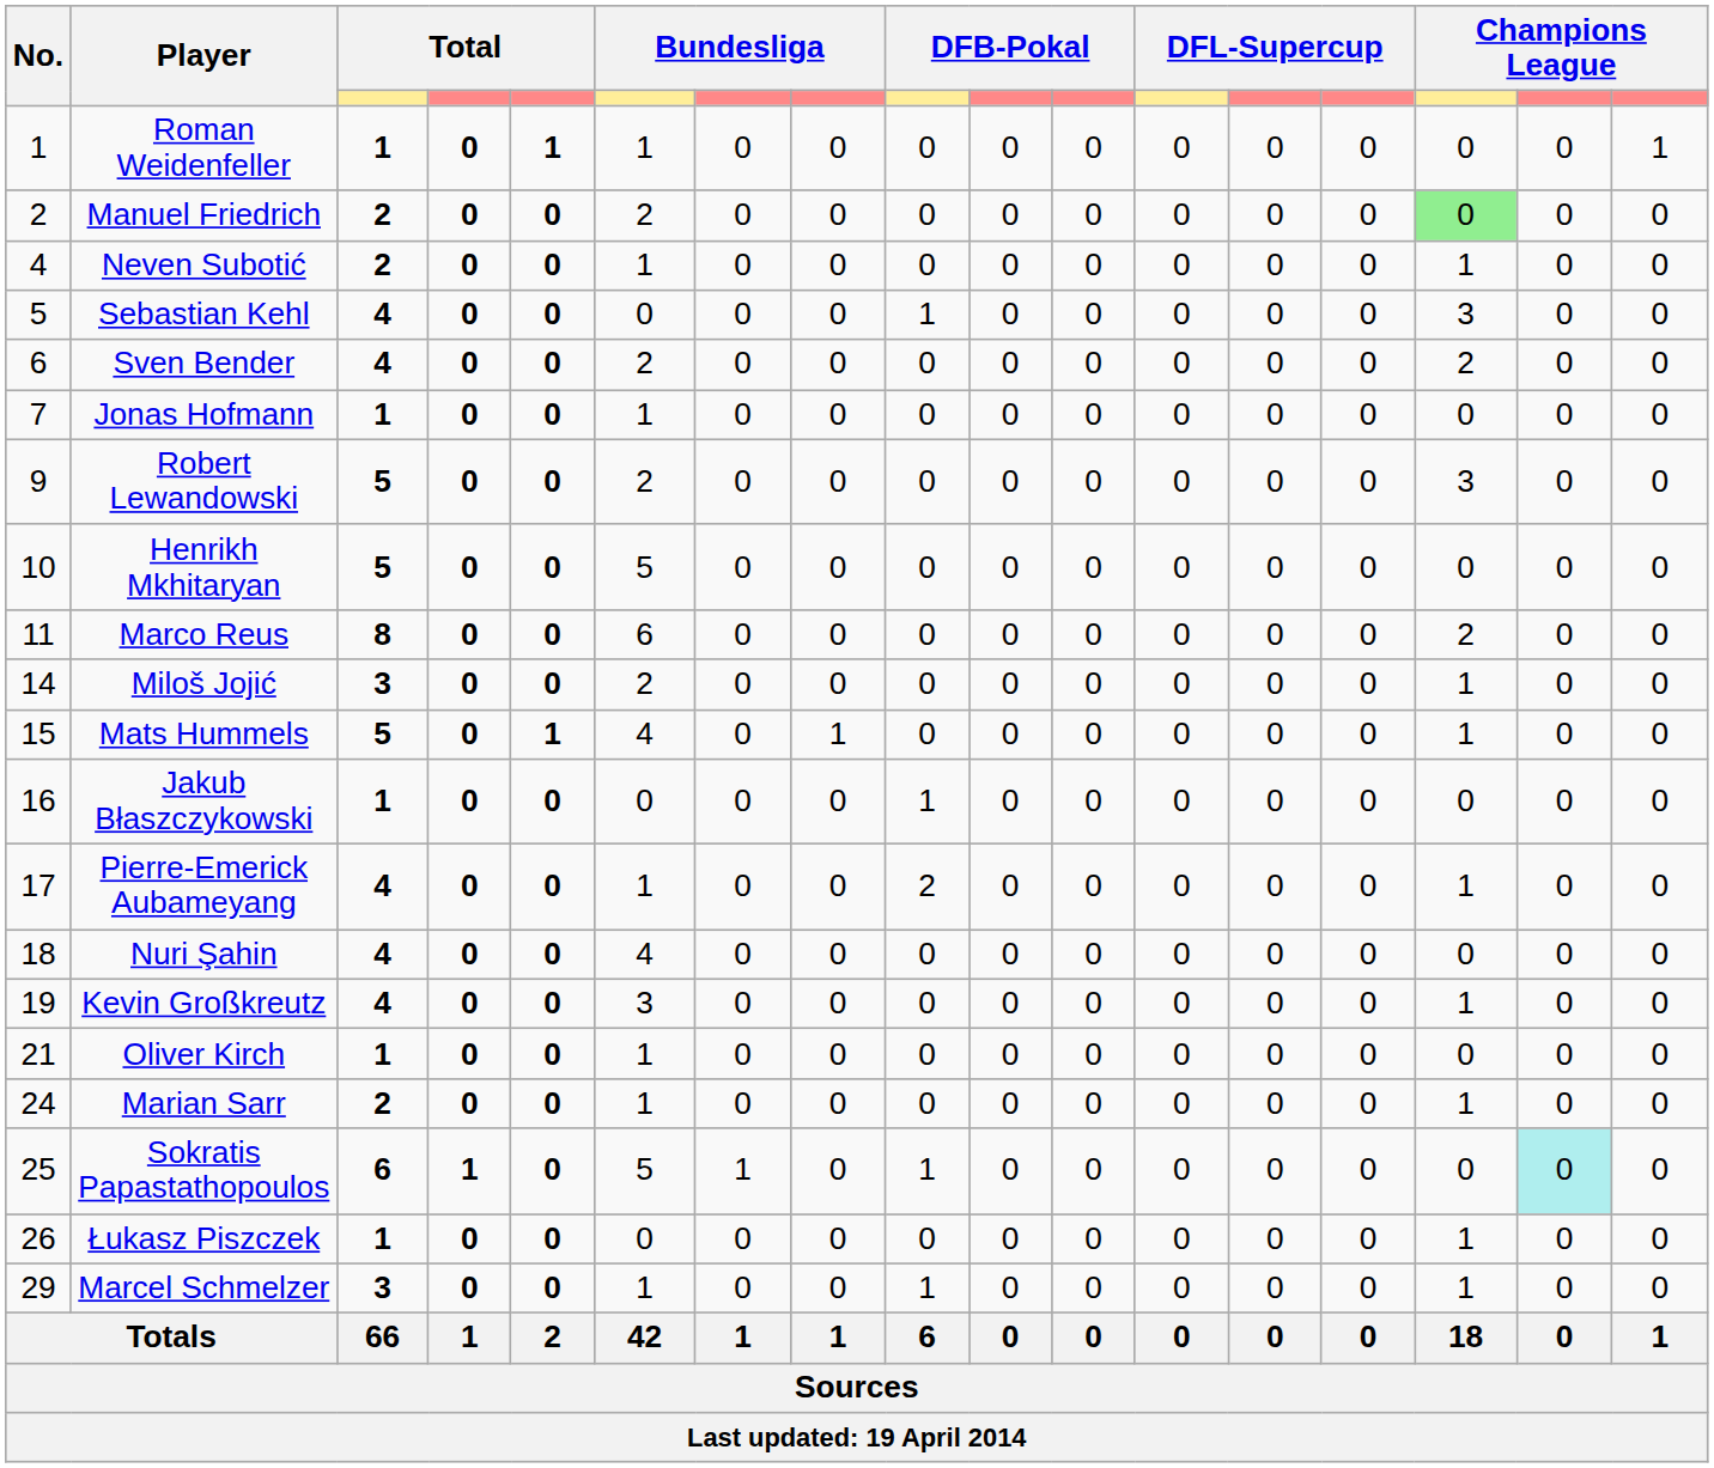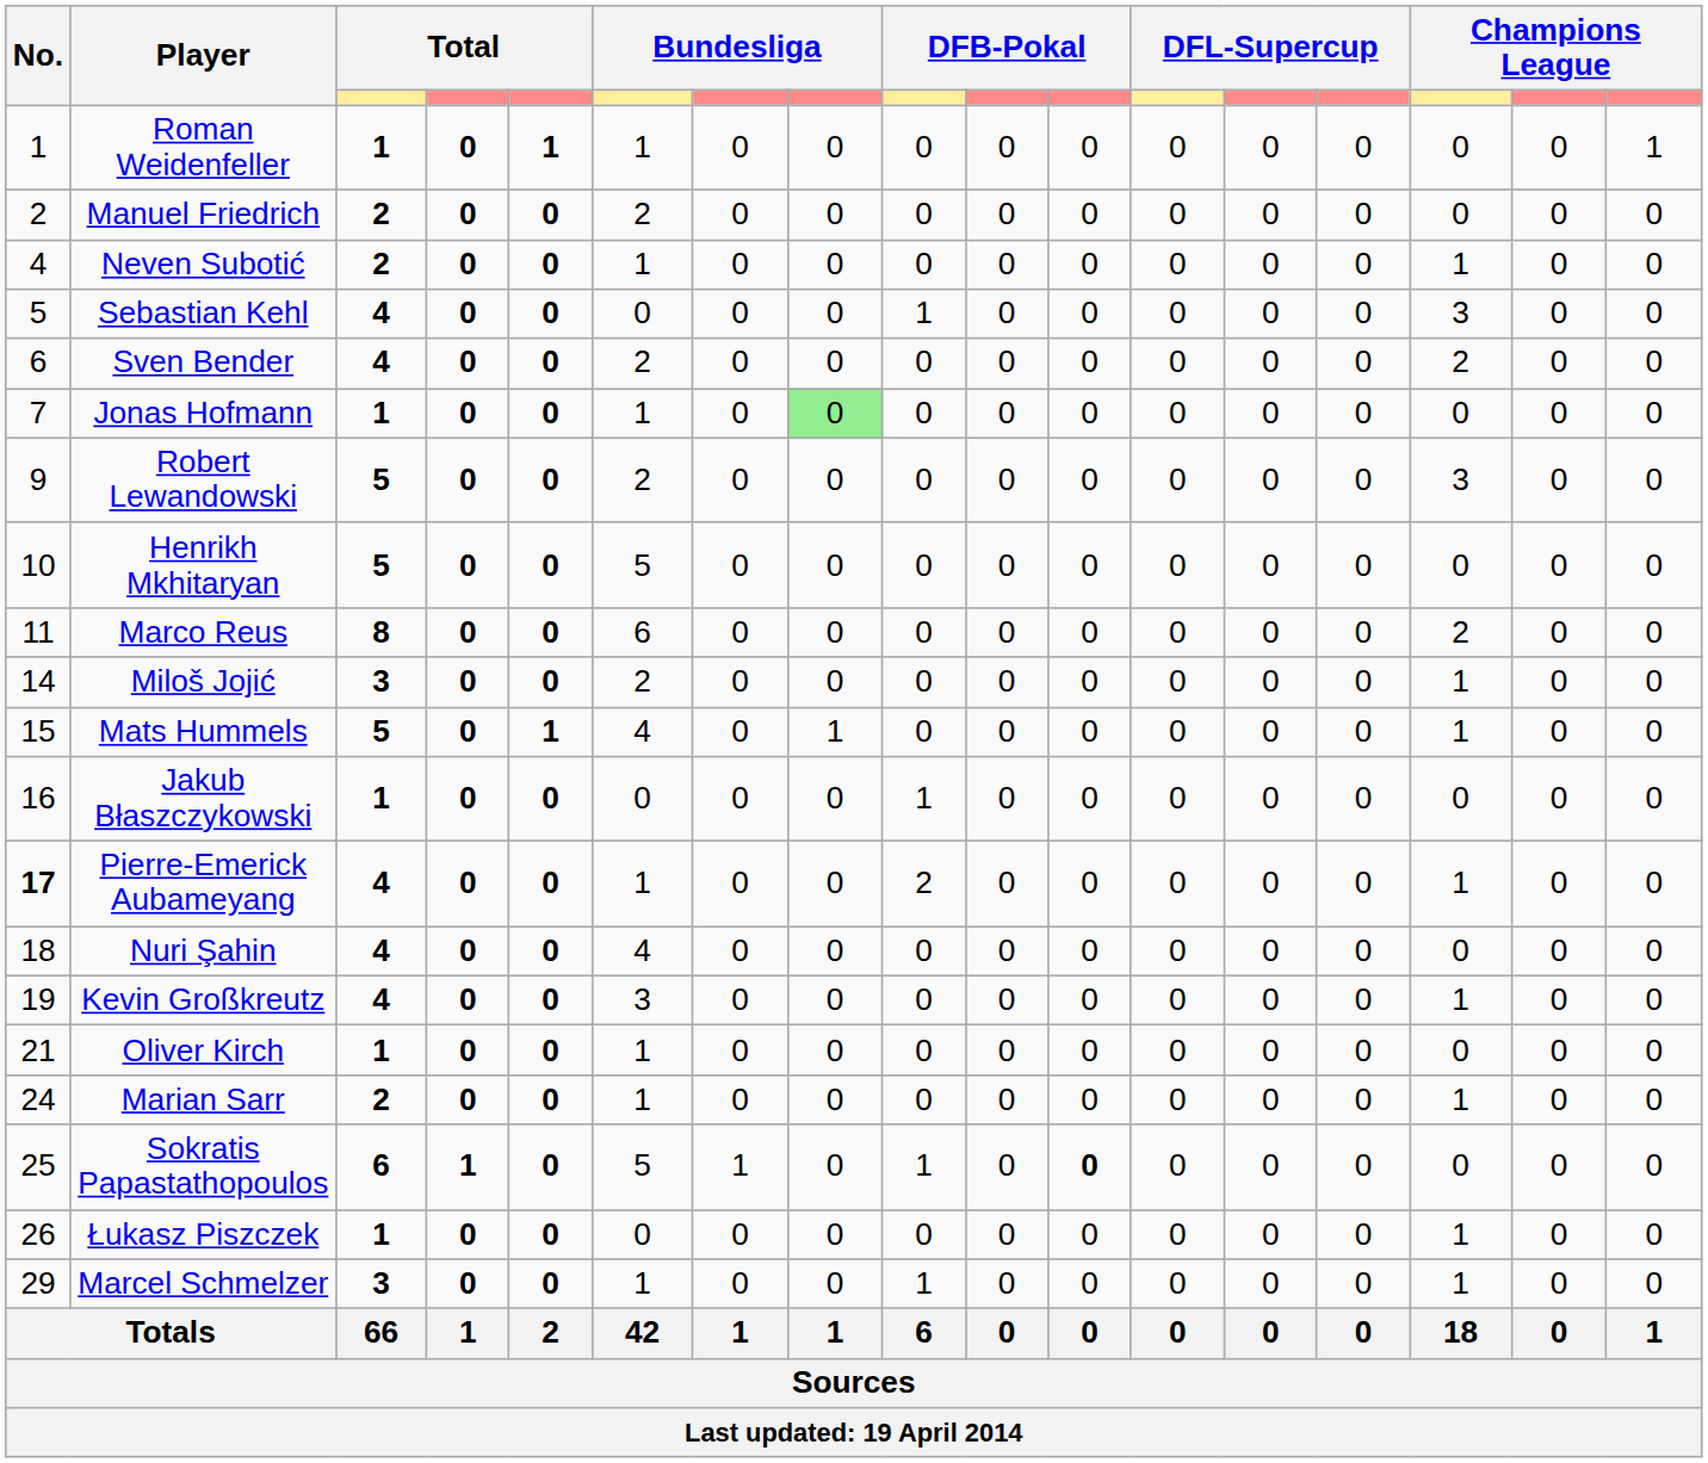 <table class="wikitable" style="text-align:center;">
 <tr style="text-align:center;">
 <th rowspan=2>No.</th>
 <th rowspan=2>Player</th>
 <th colspan=3>Total</th>
 <th colspan=3><a href='#'>Bundesliga</a></th>
 <th colspan=3><a href='#'>DFB-Pokal</a></th>
 <th colspan=3><a href='#'>DFL-Supercup</a></th>
 <th colspan=3><a href='#'>Champions League</a></th>
 </tr>
 <tr>
 <th style="width:60px; background:#fe9;"></th>
 <th style="width:60px; background:#ff8888;"></th>
 <th style="width:60px; background:#ff8888;"></th>
 <th style="width:60px; background:#fe9;"></th>
 <th style="width:60px; background:#ff8888;"></th>
 <th style="width:60px; background:#ff8888;"></th>
 <th style="width:60px; background:#fe9;"></th>
 <th style="width:60px; background:#ff8888;"></th>
 <th style="width:60px; background:#ff8888;"></th>
 <th style="width:60px; background:#fe9;"></th>
 <th style="width:60px; background:#ff8888;"></th>
 <th style="width:60px; background:#ff8888;"></th>
 <th style="width:60px; background:#fe9;"></th>
 <th style="width:60px; background:#ff8888;"></th>
 <th style="width:60px; background:#ff8888;"></th>
 </tr>
 <tr>
 <td>1</td>
 <td><a href='#'>Roman Weidenfeller</a></td>
 <td><strong>1</strong> </td>
 <td><strong>0</strong> </td>
 <td><strong>1</strong> </td>
 <td>1 </td>
 <td>0 </td>
 <td>0 </td>
 <td>0 </td>
 <td>0 </td>
 <td>0 </td>
 <td>0 </td>
 <td>0 </td>
 <td>0 </td>
 <td>0 </td>
 <td>0 </td>
 <td>1 </td>
 </tr>
 <tr>
 <td>2</td>
 <td><a href='#'>Manuel Friedrich</a></td>
 <td><strong>2</strong> </td>
 <td><strong>0</strong> </td>
 <td><strong>0</strong> </td>
 <td>2 </td>
 <td>0 </td>
 <td>0 </td>
 <td>0 </td>
 <td>0 </td>
 <td>0 </td>
 <td>0 </td>
 <td>0 </td>
 <td>0 </td>
-<td style="background: lightgreen;">0 </td>
+<td>0 </td>
 <td>0 </td>
 <td>0 </td>
 </tr>
 <tr>
 <td>4</td>
 <td><a href='#'>Neven Subotić</a></td>
 <td><strong>2</strong> </td>
 <td><strong>0</strong> </td>
 <td><strong>0</strong> </td>
 <td>1 </td>
 <td>0 </td>
 <td>0 </td>
 <td>0 </td>
 <td>0 </td>
 <td>0 </td>
 <td>0 </td>
 <td>0 </td>
 <td>0 </td>
 <td>1 </td>
 <td>0 </td>
 <td>0 </td>
 </tr>
 <tr>
 <td>5</td>
 <td><a href='#'>Sebastian Kehl</a></td>
 <td><strong>4</strong> </td>
 <td><strong>0</strong> </td>
 <td><strong>0</strong> </td>
 <td>0 </td>
 <td>0 </td>
 <td>0 </td>
 <td>1 </td>
 <td>0 </td>
 <td>0 </td>
 <td>0 </td>
 <td>0 </td>
 <td>0 </td>
 <td>3 </td>
 <td>0 </td>
 <td>0 </td>
 </tr>
 <tr>
 <td>6</td>
 <td><a href='#'>Sven Bender</a></td>
 <td><strong>4</strong> </td>
 <td><strong>0</strong> </td>
 <td><strong>0</strong> </td>
 <td>2 </td>
 <td>0 </td>
 <td>0 </td>
 <td>0 </td>
 <td>0 </td>
 <td>0 </td>
 <td>0 </td>
 <td>0 </td>
 <td>0 </td>
 <td>2 </td>
 <td>0 </td>
 <td>0 </td>
 </tr>
 <tr>
 <td>7</td>
 <td><a href='#'>Jonas Hofmann</a></td>
 <td><strong>1</strong> </td>
 <td><strong>0</strong> </td>
 <td><strong>0</strong> </td>
 <td>1 </td>
 <td>0 </td>
-<td>0 </td>
+<td style="background: lightgreen;">0 </td>
 <td>0 </td>
 <td>0 </td>
 <td>0 </td>
 <td>0 </td>
 <td>0 </td>
 <td>0 </td>
 <td>0 </td>
 <td>0 </td>
 <td>0 </td>
 </tr>
 <tr>
 <td>9</td>
 <td><a href='#'>Robert Lewandowski</a></td>
 <td><strong>5</strong> </td>
 <td><strong>0</strong> </td>
 <td><strong>0</strong> </td>
 <td>2 </td>
 <td>0 </td>
 <td>0 </td>
 <td>0 </td>
 <td>0 </td>
 <td>0 </td>
 <td>0 </td>
 <td>0 </td>
 <td>0 </td>
 <td>3 </td>
 <td>0 </td>
 <td>0 </td>
 </tr>
 <tr>
 <td>10</td>
 <td><a href='#'>Henrikh Mkhitaryan</a></td>
 <td><strong>5</strong> </td>
 <td><strong>0</strong> </td>
 <td><strong>0</strong> </td>
 <td>5 </td>
 <td>0 </td>
 <td>0 </td>
 <td>0 </td>
 <td>0 </td>
 <td>0 </td>
 <td>0 </td>
 <td>0 </td>
 <td>0 </td>
 <td>0 </td>
 <td>0 </td>
 <td>0 </td>
 </tr>
 <tr>
 <td>11</td>
 <td><a href='#'>Marco Reus</a></td>
 <td><strong>8</strong> </td>
 <td><strong>0</strong> </td>
 <td><strong>0</strong> </td>
 <td>6 </td>
 <td>0 </td>
 <td>0 </td>
 <td>0 </td>
 <td>0 </td>
 <td>0 </td>
 <td>0 </td>
 <td>0 </td>
 <td>0 </td>
 <td>2 </td>
 <td>0 </td>
 <td>0 </td>
 </tr>
 <tr>
 <td>14</td>
 <td><a href='#'>Miloš Jojić</a></td>
 <td><strong>3</strong> </td>
 <td><strong>0</strong> </td>
 <td><strong>0</strong> </td>
 <td>2 </td>
 <td>0 </td>
 <td>0 </td>
 <td>0 </td>
 <td>0 </td>
 <td>0 </td>
 <td>0 </td>
 <td>0 </td>
 <td>0 </td>
 <td>1 </td>
 <td>0 </td>
 <td>0 </td>
 </tr>
 <tr>
 <td>15</td>
 <td><a href='#'>Mats Hummels</a></td>
 <td><strong>5</strong> </td>
 <td><strong>0</strong> </td>
 <td><strong>1</strong> </td>
 <td>4 </td>
 <td>0 </td>
 <td>1 </td>
 <td>0 </td>
 <td>0 </td>
 <td>0 </td>
 <td>0 </td>
 <td>0 </td>
 <td>0 </td>
 <td>1 </td>
 <td>0 </td>
 <td>0 </td>
 </tr>
 <tr>
 <td>16</td>
 <td><a href='#'>Jakub Błaszczykowski</a></td>
 <td><strong>1</strong> </td>
 <td><strong>0</strong> </td>
 <td><strong>0</strong> </td>
 <td>0 </td>
 <td>0 </td>
 <td>0 </td>
 <td>1 </td>
 <td>0 </td>
 <td>0 </td>
 <td>0 </td>
 <td>0 </td>
 <td>0 </td>
 <td>0 </td>
 <td>0 </td>
 <td>0 </td>
 </tr>
 <tr>
-<td>17</td>
+<td><strong>17</strong></td>
 <td><a href='#'>Pierre-Emerick Aubameyang</a></td>
 <td><strong>4</strong> </td>
 <td><strong>0</strong> </td>
 <td><strong>0</strong> </td>
 <td>1 </td>
 <td>0 </td>
 <td>0 </td>
 <td>2 </td>
 <td>0 </td>
 <td>0 </td>
 <td>0 </td>
 <td>0 </td>
 <td>0 </td>
 <td>1 </td>
 <td>0 </td>
 <td>0 </td>
 </tr>
 <tr>
 <td>18</td>
 <td><a href='#'>Nuri Şahin</a></td>
 <td><strong>4</strong> </td>
 <td><strong>0</strong> </td>
 <td><strong>0</strong> </td>
 <td>4 </td>
 <td>0 </td>
 <td>0 </td>
 <td>0 </td>
 <td>0 </td>
 <td>0 </td>
 <td>0 </td>
 <td>0 </td>
 <td>0 </td>
 <td>0 </td>
 <td>0 </td>
 <td>0 </td>
 </tr>
 <tr>
 <td>19</td>
 <td><a href='#'>Kevin Großkreutz</a></td>
 <td><strong>4</strong> </td>
 <td><strong>0</strong> </td>
 <td><strong>0</strong> </td>
 <td>3 </td>
 <td>0 </td>
 <td>0 </td>
 <td>0 </td>
 <td>0 </td>
 <td>0 </td>
 <td>0 </td>
 <td>0 </td>
 <td>0 </td>
 <td>1 </td>
 <td>0 </td>
 <td>0 </td>
 </tr>
 <tr>
 <td>21</td>
 <td><a href='#'>Oliver Kirch</a></td>
 <td><strong>1</strong> </td>
 <td><strong>0</strong> </td>
 <td><strong>0</strong> </td>
 <td>1 </td>
 <td>0 </td>
 <td>0 </td>
 <td>0 </td>
 <td>0 </td>
 <td>0 </td>
 <td>0 </td>
 <td>0 </td>
 <td>0 </td>
 <td>0 </td>
 <td>0 </td>
 <td>0 </td>
 </tr>
 <tr>
 <td>24</td>
 <td><a href='#'>Marian Sarr</a></td>
 <td><strong>2</strong> </td>
 <td><strong>0</strong> </td>
 <td><strong>0</strong> </td>
 <td>1 </td>
 <td>0 </td>
 <td>0 </td>
 <td>0 </td>
 <td>0 </td>
 <td>0 </td>
 <td>0 </td>
 <td>0 </td>
 <td>0 </td>
 <td>1 </td>
 <td>0 </td>
 <td>0 </td>
 </tr>
 <tr>
 <td>25</td>
 <td><a href='#'>Sokratis Papastathopoulos</a></td>
 <td><strong>6</strong> </td>
 <td><strong>1</strong> </td>
 <td><strong>0</strong> </td>
 <td>5 </td>
 <td>1 </td>
 <td>0 </td>
 <td>1 </td>
 <td>0 </td>
+<td><strong>0 </strong></td>
 <td>0 </td>
 <td>0 </td>
 <td>0 </td>
 <td>0 </td>
 <td>0 </td>
-<td style="background: paleturquoise;">0 </td>
 <td>0 </td>
 </tr>
 <tr>
 <td>26</td>
 <td><a href='#'>Łukasz Piszczek</a></td>
 <td><strong>1</strong> </td>
 <td><strong>0</strong> </td>
 <td><strong>0</strong> </td>
 <td>0 </td>
 <td>0 </td>
 <td>0 </td>
 <td>0 </td>
 <td>0 </td>
 <td>0 </td>
 <td>0 </td>
 <td>0 </td>
 <td>0 </td>
 <td>1 </td>
 <td>0 </td>
 <td>0 </td>
 </tr>
 <tr>
 <td>29</td>
 <td><a href='#'>Marcel Schmelzer</a></td>
 <td><strong>3</strong> </td>
 <td><strong>0</strong> </td>
 <td><strong>0</strong> </td>
 <td>1 </td>
 <td>0 </td>
 <td>0 </td>
 <td>1 </td>
 <td>0 </td>
 <td>0 </td>
 <td>0 </td>
 <td>0 </td>
 <td>0 </td>
 <td>1 </td>
 <td>0 </td>
 <td>0 </td>
 </tr>
 <tr>
 <th colspan=2>Totals</th>
 <th>66 </th>
 <th>1 </th>
 <th>2 </th>
 <th>42 </th>
 <th>1 </th>
 <th>1 </th>
 <th>6 </th>
 <th>0 </th>
 <th>0 </th>
 <th>0 </th>
 <th>0 </th>
 <th>0 </th>
 <th>18 </th>
 <th>0 </th>
 <th>1 </th>
 </tr>
 <tr>
 <th colspan=17>Sources</th>
 </tr>
 <tr>
 <th colspan=17><small>Last updated: 19 April 2014</small></th>
 </tr>
 </table>
